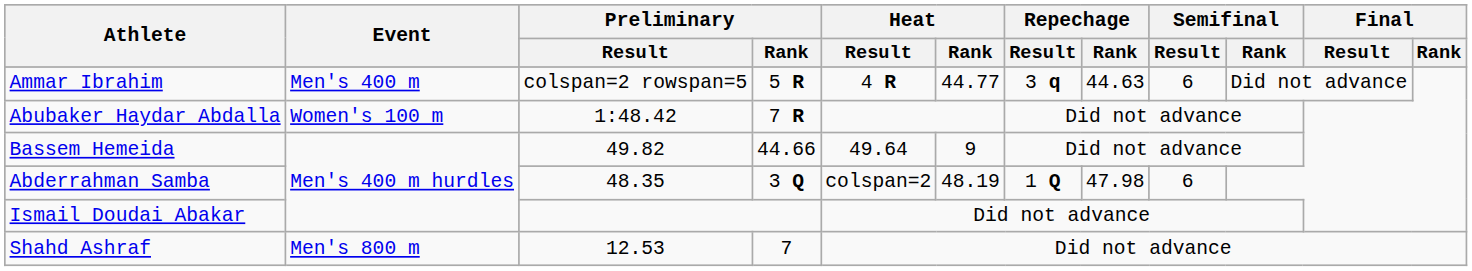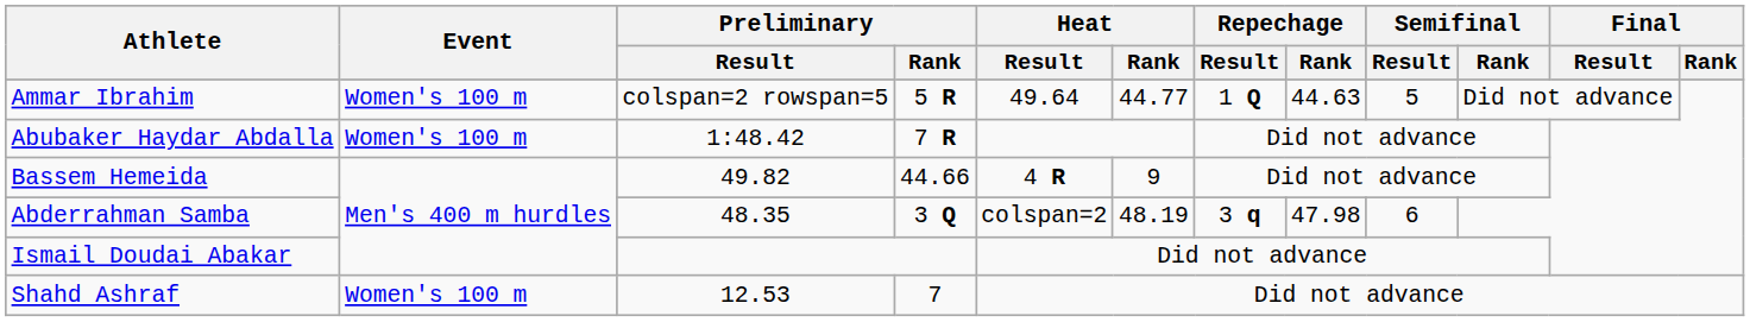 <table class="wikitable" style="font-size:90%">
 <tr>
 <th rowspan="2">Athlete</th>
 <th rowspan="2">Event</th>
 <th colspan="2">Preliminary</th>
 <th colspan="2">Heat</th>
 <th colspan="2">Repechage</th>
 <th colspan="2">Semifinal</th>
 <th colspan="2">Final</th>
 </tr>
 <tr style="font-size:95%">
 <th>Result</th>
 <th>Rank</th>
 <th>Result</th>
 <th>Rank</th>
 <th>Result</th>
 <th>Rank</th>
 <th>Result</th>
 <th>Rank</th>
 <th>Result</th>
 <th>Rank</th>
 </tr>
 <tr align=center>
 <td align=left><a href='#'>Ammar Ibrahim</a></td>
-<td align=left><a href='#'>Men's 400 m</a></td>
+<td align=left><a href='#'>Women's 100 m</a></td>
 <td>colspan=2 rowspan=5 </td>
 <td>5 <strong>R</strong></td>
-<td>4 <strong>R</strong></td>
+<td>49.64 <strong></strong></td>
 <td>44.77</td>
-<td>3 <strong>q</strong></td>
+<td>1 <strong>Q</strong></td>
 <td>44.63 <strong></strong></td>
-<td>6</td>
+<td>5</td>
 <td colspan=2>Did not advance</td>
 </tr>
 <tr align=center>
 <td align=left><a href='#'>Abubaker Haydar Abdalla</a></td>
 <td align=left><a href='#'>Women's 100 m</a></td>
 <td>1:48.42</td>
 <td>7 <strong>R</strong></td>
 <td colspan=2></td>
 <td colspan=4>Did not advance</td>
 </tr>
 <tr align=center>
 <td align=left><a href='#'>Bassem Hemeida</a></td>
 <td align=left rowspan=3><a href='#'>Men's 400 m hurdles</a></td>
 <td>49.82 <strong></strong></td>
 <td>44.66 <strong></strong></td>
-<td>49.64 <strong></strong></td>
+<td>4 <strong>R</strong></td>
 <td>9</td>
 <td colspan=4>Did not advance</td>
 </tr>
 <tr align=center>
 <td align=left><a href='#'>Abderrahman Samba</a></td>
 <td>48.35</td>
 <td>3 <strong>Q</strong></td>
 <td>colspan=2 </td>
 <td>48.19</td>
-<td>1 <strong>Q</strong></td>
+<td>3 <strong>q</strong></td>
 <td>47.98</td>
 <td>6</td>
 </tr>
 <tr align=center>
 <td align=left><a href='#'>Ismail Doudai Abakar</a></td>
 <td colspan=2></td>
 <td colspan=6>Did not advance</td>
 </tr>
 <tr align=center>
 <td align=left><a href='#'>Shahd Ashraf</a></td>
-<td align=left><a href='#'>Men's 800 m</a></td>
+<td align=left><a href='#'>Women's 100 m</a></td>
 <td>12.53 <strong></strong></td>
 <td>7</td>
 <td colspan=8>Did not advance</td>
 </tr>
 </table>
